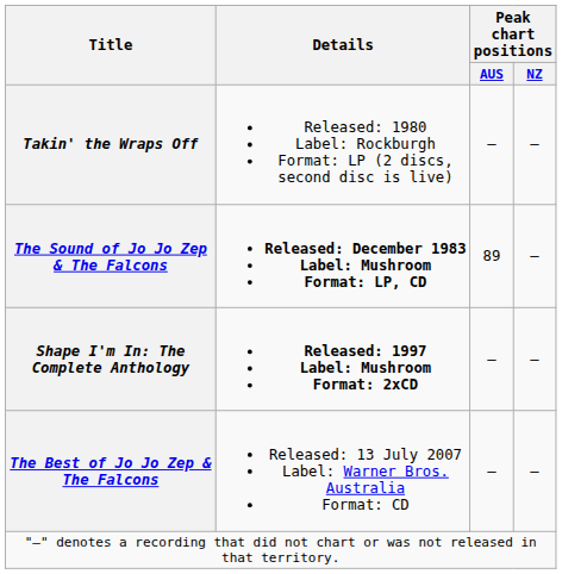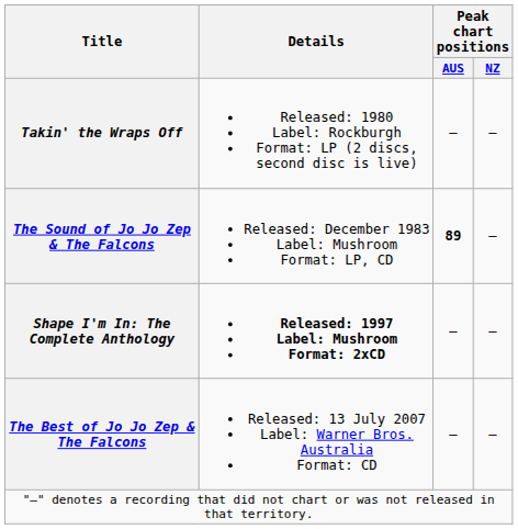 <table class="wikitable plainrowheaders" style="text-align:center;">
 <tr>
 <th scope="col" rowspan="2" style="width:14em;">Title</th>
 <th scope="col" rowspan="2" style="width:17em;">Details</th>
 <th scope="col" colspan="2">Peak chart positions</th>
 </tr>
 <tr>
 <th scope="col" style="width:2.5em;font-size:90%;"><a href='#'>AUS</a><br></th>
 <th scope="col" style="width:2.5em;font-size:90%;"><a href='#'>NZ</a><br></th>
 </tr>
 <tr>
 <th scope="row"><em>Takin' the Wraps Off</em></th>
 <td><br><ul><li>Released: 1980</li><li>Label: Rockburgh </li><li>Format: LP (2 discs, second disc is live)</li></ul></td>
 <td>—</td>
 <td>—</td>
 </tr>
 <tr>
 <th scope="row"><em><a href='#'>The Sound of Jo Jo Zep & The Falcons</a></em></th>
-<td><strong><br><ul><li>Released: December 1983</li><li>Label: Mushroom </li><li>Format: LP, CD</li></ul></strong></td>
-<td>89</td>
+<td><br><ul><li>Released: December 1983</li><li>Label: Mushroom </li><li>Format: LP, CD</li></ul></td>
+<td><strong>89</strong></td>
 <td>—</td>
 </tr>
 <tr>
 <th scope="row"><em>Shape I'm In: The Complete Anthology</em></th>
 <td><strong><br><ul><li>Released: 1997</li><li>Label: Mushroom </li><li>Format: 2xCD</li></ul></strong></td>
 <td>—</td>
 <td>—</td>
 </tr>
 <tr>
 <th scope="row"><em><a href='#'>The Best of Jo Jo Zep & The Falcons</a></em></th>
 <td><br><ul><li>Released: 13 July 2007</li><li>Label: <a href='#'>Warner Bros. Australia</a> </li><li>Format: CD</li></ul></td>
 <td>—</td>
 <td>—</td>
 </tr>
 <tr>
 <td colspan="5" style="font-size:90%;">"—" denotes a recording that did not chart or was not released in that territory.</td>
 </tr>
 </table>
